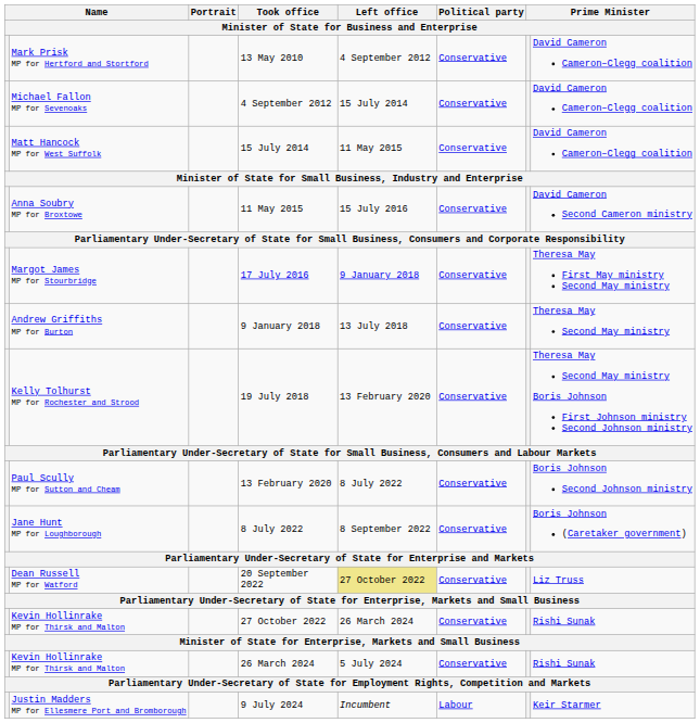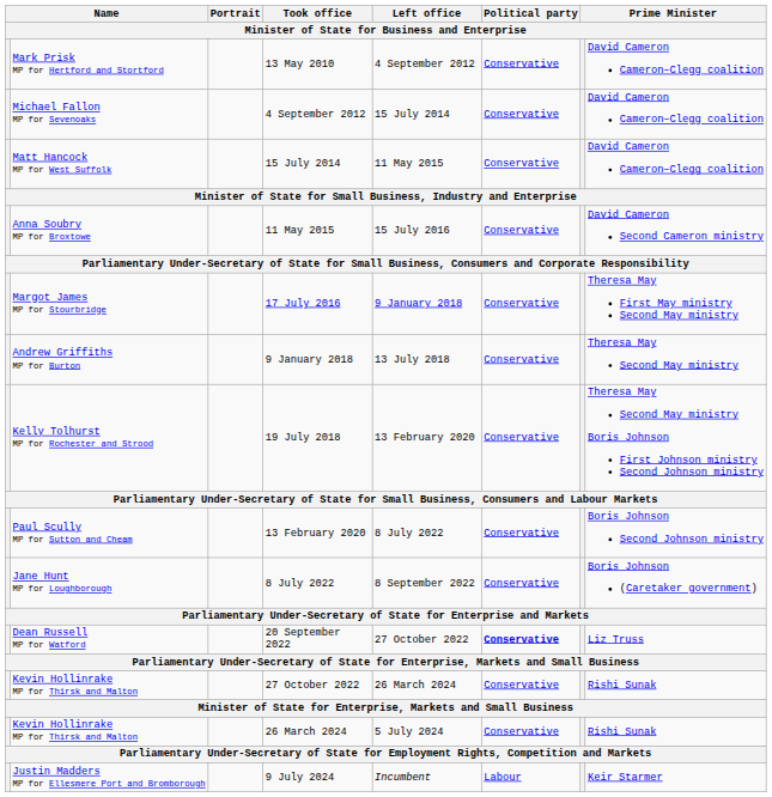 <table class="wikitable">
 <tr>
 <th colspan="2">Name</th>
 <th>Portrait</th>
 <th width="130">Took office</th>
 <th width="130">Left office</th>
 <th>Political party</th>
 <th colspan="2">Prime Minister</th>
 </tr>
 <tr>
 <th colspan="8">Minister of State for Business and Enterprise</th>
 </tr>
 <tr>
 <th style="background-color: "></th>
 <td><a href='#'>Mark Prisk</a> <br> <small>MP for <a href='#'>Hertford and Stortford</a></small></td>
 <td></td>
 <td>13 May 2010</td>
 <td>4 September 2012</td>
 <td><a href='#'>Conservative</a></td>
 <th style="background-color: "></th>
 <td><a href='#'>David Cameron</a><br><ul><li><a href='#'>Cameron–Clegg coalition</a></li></ul></td>
 </tr>
 <tr>
 <th style="background-color: "></th>
 <td><a href='#'>Michael Fallon</a> <br> <small>MP for <a href='#'>Sevenoaks</a></small></td>
 <td></td>
 <td>4 September 2012</td>
 <td>15 July 2014</td>
 <td><a href='#'>Conservative</a></td>
 <th style="background-color: "></th>
 <td><a href='#'>David Cameron</a><br><ul><li><a href='#'>Cameron–Clegg coalition</a></li></ul></td>
 </tr>
 <tr>
 <th style="background-color: "></th>
 <td><a href='#'>Matt Hancock</a> <br> <small>MP for <a href='#'>West Suffolk</a></small></td>
 <td></td>
 <td>15 July 2014</td>
 <td>11 May 2015</td>
 <td><a href='#'>Conservative</a></td>
 <th style="background-color: "></th>
 <td><a href='#'>David Cameron</a><br><ul><li><a href='#'>Cameron–Clegg coalition</a></li></ul></td>
 </tr>
 <tr>
 <th colspan="8">Minister of State for Small Business, Industry and Enterprise</th>
 </tr>
 <tr>
 <th style="background-color: "></th>
 <td><a href='#'>Anna Soubry</a> <br> <small>MP for <a href='#'>Broxtowe</a></small></td>
 <td></td>
 <td>11 May 2015</td>
 <td>15 July 2016</td>
 <td><a href='#'>Conservative</a></td>
 <th style="background-color: "></th>
 <td><a href='#'>David Cameron</a><br><ul><li><a href='#'>Second Cameron ministry</a></li></ul></td>
 </tr>
 <tr>
 <th colspan="8">Parliamentary Under-Secretary of State for Small Business, Consumers and Corporate Responsibility</th>
 </tr>
 <tr>
 <th style="background-color: "></th>
 <td><a href='#'>Margot James</a> <br> <small>MP for <a href='#'>Stourbridge</a></small></td>
 <td></td>
 <td><a href='#'>17 July 2016</a></td>
 <td><a href='#'>9 January 2018</a></td>
 <td><a href='#'>Conservative</a></td>
 <th style="background-color: "></th>
 <td><a href='#'>Theresa May</a><br><ul><li><a href='#'>First May ministry</a></li><li><a href='#'>Second May ministry</a></li></ul></td>
 </tr>
 <tr>
 <th style="background-color: "></th>
 <td><a href='#'>Andrew Griffiths</a> <br> <small>MP for <a href='#'>Burton</a></small></td>
 <td></td>
 <td>9 January 2018</td>
 <td>13 July 2018</td>
 <td><a href='#'>Conservative</a></td>
 <th style="background-color: "></th>
 <td><a href='#'>Theresa May</a><br><ul><li><a href='#'>Second May ministry</a></li></ul></td>
 </tr>
 <tr>
 <th style="background-color: "></th>
 <td><a href='#'>Kelly Tolhurst</a> <br> <small>MP for <a href='#'>Rochester and Strood</a></small></td>
 <td></td>
 <td>19 July 2018</td>
 <td>13 February 2020</td>
 <td><a href='#'>Conservative</a></td>
 <th style="background-color: "></th>
 <td><a href='#'>Theresa May</a><br><ul><li><a href='#'>Second May ministry</a></li></ul><a href='#'>Boris Johnson</a><ul><li><a href='#'>First Johnson ministry</a></li><li><a href='#'>Second Johnson ministry</a></li></ul></td>
 </tr>
 <tr>
 <th colspan="8">Parliamentary Under-Secretary of State for Small Business, Consumers and Labour Markets</th>
 </tr>
 <tr>
 <th style="background-color: "></th>
 <td><a href='#'>Paul Scully</a> <br> <small>MP for <a href='#'>Sutton and Cheam</a></small></td>
 <td></td>
 <td>13 February 2020</td>
 <td>8 July 2022</td>
 <td><a href='#'>Conservative</a></td>
 <th style="background-color: "></th>
 <td><a href='#'>Boris Johnson</a><br><ul><li><a href='#'>Second Johnson ministry</a></li></ul></td>
 </tr>
 <tr>
 <th style="background-color: "></th>
 <td><a href='#'>Jane Hunt</a> <br> <small>MP for <a href='#'>Loughborough</a></small></td>
 <td></td>
 <td>8 July 2022</td>
 <td>8 September 2022</td>
 <td><a href='#'>Conservative</a></td>
 <th style="background-color: "></th>
 <td><a href='#'>Boris Johnson</a><br><ul><li>(<a href='#'>Caretaker government</a>)</li></ul></td>
 </tr>
 <tr>
 <th colspan="8">Parliamentary Under-Secretary of State for Enterprise and Markets</th>
 </tr>
 <tr>
 <th style="background-color: "></th>
 <td><a href='#'>Dean Russell</a> <br> <small>MP for <a href='#'>Watford</a></small></td>
 <td></td>
 <td>20 September 2022</td>
-<td style="background: khaki;">27 October 2022</td>
-<td><a href='#'>Conservative</a></td>
+<td>27 October 2022</td>
+<td><strong><a href='#'>Conservative</a></strong></td>
 <th style="background-color: "></th>
 <td><a href='#'>Liz Truss</a></td>
 </tr>
 <tr>
 <th colspan="8">Parliamentary Under-Secretary of State for Enterprise, Markets and Small Business</th>
 </tr>
 <tr>
 <th style="background-color: "></th>
 <td><a href='#'>Kevin Hollinrake</a> <br> <small>MP for <a href='#'>Thirsk and Malton</a></small></td>
 <td></td>
 <td>27 October 2022</td>
 <td>26 March 2024</td>
 <td><a href='#'>Conservative</a></td>
 <th style="background-color: "></th>
 <td><a href='#'>Rishi Sunak</a></td>
 </tr>
 <tr>
 <th colspan="9">Minister of State for Enterprise, Markets and Small Business</th>
 </tr>
 <tr>
 <th style="background-color: "></th>
 <td><a href='#'>Kevin Hollinrake</a> <br> <small>MP for <a href='#'>Thirsk and Malton</a></small></td>
 <td></td>
 <td>26 March 2024</td>
 <td>5 July 2024</td>
 <td><a href='#'>Conservative</a></td>
 <th style="background-color: "></th>
 <td><a href='#'>Rishi Sunak</a></td>
 </tr>
 <tr>
 <th colspan="9">Parliamentary Under-Secretary of State for Employment Rights, Competition and Markets</th>
 </tr>
 <tr>
 <th style="background-color: "></th>
 <td><a href='#'>Justin Madders</a> <br> <small>MP for <a href='#'>Ellesmere Port and Bromborough</a></small></td>
 <td></td>
 <td>9 July 2024</td>
 <td><em>Incumbent</em></td>
 <td><a href='#'>Labour</a></td>
 <th style="background-color: "></th>
 <td><a href='#'>Keir Starmer</a></td>
 </tr>
 </table>
